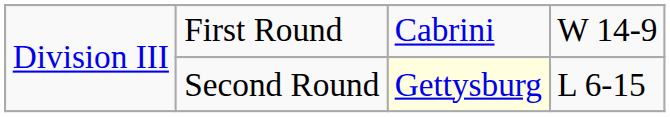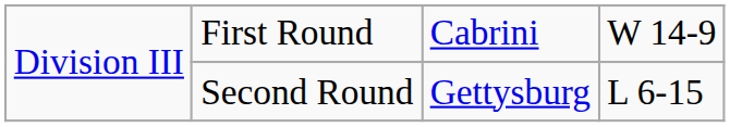 <table class="wikitable">
 <tr>
 <td rowspan="2"><a href='#'>Division III</a></td>
 <td>First Round</td>
 <td><a href='#'>Cabrini</a></td>
 <td>W 14-9</td>
 </tr>
 <tr>
 <td>Second Round</td>
-<td style="background: lightyellow;"><a href='#'>Gettysburg</a></td>
+<td><a href='#'>Gettysburg</a></td>
 <td>L 6-15</td>
 </tr>
 </table>
